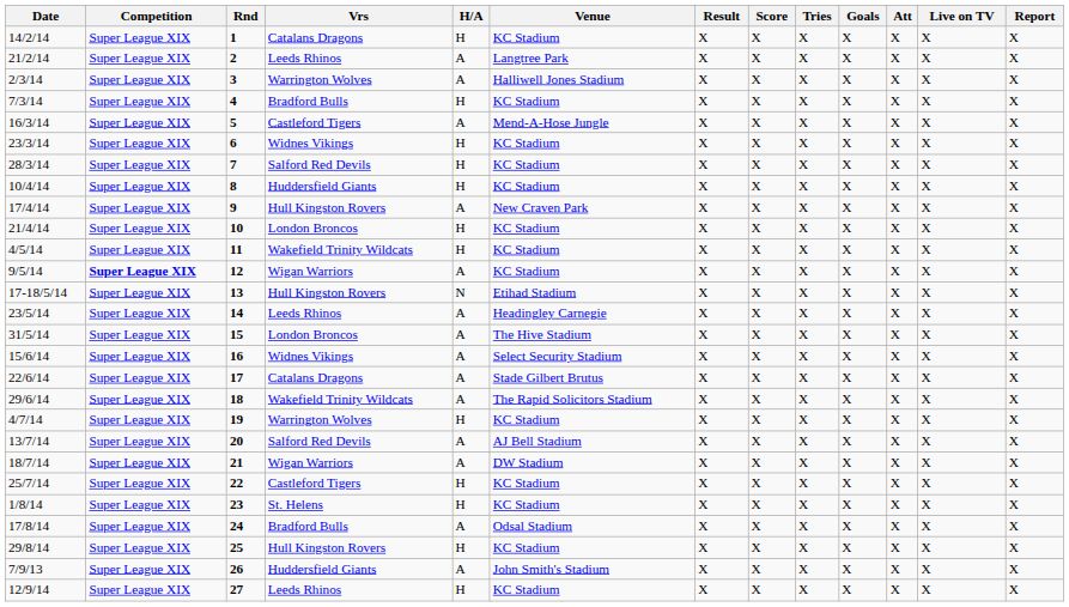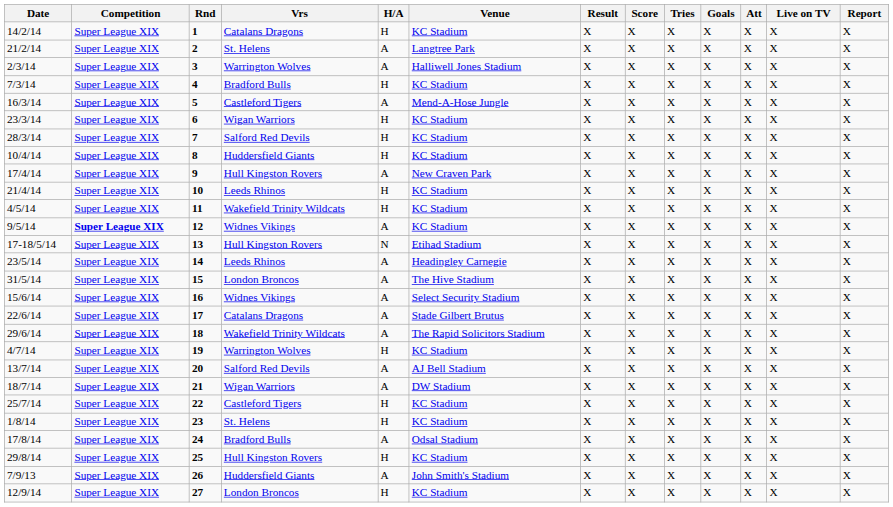 <table class="wikitable" style="font-size:100%;" width="100%">
 <tr>
 <th>Date</th>
 <th>Competition</th>
 <th>Rnd</th>
 <th>Vrs</th>
 <th>H/A</th>
 <th>Venue</th>
 <th>Result</th>
 <th>Score</th>
 <th>Tries</th>
 <th>Goals</th>
 <th>Att</th>
 <th>Live on TV</th>
 <th>Report</th>
 </tr>
 <tr style="background: width=20 | ">
 <td>14/2/14</td>
 <td><a href='#'>Super League XIX</a></td>
 <td><strong>1</strong></td>
 <td> <a href='#'>Catalans Dragons</a></td>
 <td>H</td>
 <td><a href='#'>KC Stadium</a></td>
 <td>X</td>
 <td>X</td>
 <td>X</td>
 <td>X</td>
 <td>X</td>
 <td>X</td>
 <td>X</td>
 </tr>
 <tr style="background: width=20 | ">
 <td>21/2/14</td>
 <td><a href='#'>Super League XIX</a></td>
 <td><strong>2</strong></td>
-<td> <a href='#'>Leeds Rhinos</a></td>
+<td> <a href='#'>St. Helens</a></td>
 <td>A</td>
 <td><a href='#'>Langtree Park</a></td>
 <td>X</td>
 <td>X</td>
 <td>X</td>
 <td>X</td>
 <td>X</td>
 <td>X</td>
 <td>X</td>
 </tr>
 <tr style="background: width=20 | ">
 <td>2/3/14</td>
 <td><a href='#'>Super League XIX</a></td>
 <td><strong>3</strong></td>
 <td> <a href='#'>Warrington Wolves</a></td>
 <td>A</td>
 <td><a href='#'>Halliwell Jones Stadium</a></td>
 <td>X</td>
 <td>X</td>
 <td>X</td>
 <td>X</td>
 <td>X</td>
 <td>X</td>
 <td>X</td>
 </tr>
 <tr style="background: width=20 | ">
 <td>7/3/14</td>
 <td><a href='#'>Super League XIX</a></td>
 <td><strong>4</strong></td>
 <td> <a href='#'>Bradford Bulls</a></td>
 <td>H</td>
 <td><a href='#'>KC Stadium</a></td>
 <td>X</td>
 <td>X</td>
 <td>X</td>
 <td>X</td>
 <td>X</td>
 <td>X</td>
 <td>X</td>
 </tr>
 <tr style="background: width=20 | ">
 <td>16/3/14</td>
 <td><a href='#'>Super League XIX</a></td>
 <td><strong>5</strong></td>
 <td> <a href='#'>Castleford Tigers</a></td>
 <td>A</td>
 <td><a href='#'>Mend-A-Hose Jungle</a></td>
 <td>X</td>
 <td>X</td>
 <td>X</td>
 <td>X</td>
 <td>X</td>
 <td>X</td>
 <td>X</td>
 </tr>
 <tr style="background: width=20 | ">
 <td>23/3/14</td>
 <td><a href='#'>Super League XIX</a></td>
 <td><strong>6</strong></td>
-<td> <a href='#'>Widnes Vikings</a></td>
+<td> <a href='#'>Wigan Warriors</a></td>
 <td>H</td>
 <td><a href='#'>KC Stadium</a></td>
 <td>X</td>
 <td>X</td>
 <td>X</td>
 <td>X</td>
 <td>X</td>
 <td>X</td>
 <td>X</td>
 </tr>
 <tr style="background: width=20 | ">
 <td>28/3/14</td>
 <td><a href='#'>Super League XIX</a></td>
 <td><strong>7</strong></td>
 <td> <a href='#'>Salford Red Devils</a></td>
 <td>H</td>
 <td><a href='#'>KC Stadium</a></td>
 <td>X</td>
 <td>X</td>
 <td>X</td>
 <td>X</td>
 <td>X</td>
 <td>X</td>
 <td>X</td>
 </tr>
 <tr style="background: width=20 | ">
 <td>10/4/14</td>
 <td><a href='#'>Super League XIX</a></td>
 <td><strong>8</strong></td>
 <td> <a href='#'>Huddersfield Giants</a></td>
 <td>H</td>
 <td><a href='#'>KC Stadium</a></td>
 <td>X</td>
 <td>X</td>
 <td>X</td>
 <td>X</td>
 <td>X</td>
 <td>X</td>
 <td>X</td>
 </tr>
 <tr style="background: width=20 | ">
 <td>17/4/14</td>
 <td><a href='#'>Super League XIX</a></td>
 <td><strong>9</strong></td>
 <td> <a href='#'>Hull Kingston Rovers</a></td>
 <td>A</td>
 <td><a href='#'>New Craven Park</a></td>
 <td>X</td>
 <td>X</td>
 <td>X</td>
 <td>X</td>
 <td>X</td>
 <td>X</td>
 <td>X</td>
 </tr>
 <tr style="background: width=20 | ">
 <td>21/4/14</td>
 <td><a href='#'>Super League XIX</a></td>
 <td><strong>10</strong></td>
-<td> <a href='#'>London Broncos</a></td>
+<td> <a href='#'>Leeds Rhinos</a></td>
 <td>H</td>
 <td><a href='#'>KC Stadium</a></td>
 <td>X</td>
 <td>X</td>
 <td>X</td>
 <td>X</td>
 <td>X</td>
 <td>X</td>
 <td>X</td>
 </tr>
 <tr style="background: width=20 | ">
 <td>4/5/14</td>
 <td><a href='#'>Super League XIX</a></td>
 <td><strong>11</strong></td>
 <td> <a href='#'>Wakefield Trinity Wildcats</a></td>
 <td>H</td>
 <td><a href='#'>KC Stadium</a></td>
 <td>X</td>
 <td>X</td>
 <td>X</td>
 <td>X</td>
 <td>X</td>
 <td>X</td>
 <td>X</td>
 </tr>
 <tr style="background: width=20 | ">
 <td>9/5/14</td>
 <td><strong><a href='#'>Super League XIX</a></strong></td>
 <td><strong>12</strong></td>
-<td> <a href='#'>Wigan Warriors</a></td>
+<td> <a href='#'>Widnes Vikings</a></td>
 <td>A</td>
 <td><a href='#'>KC Stadium</a></td>
 <td>X</td>
 <td>X</td>
 <td>X</td>
 <td>X</td>
 <td>X</td>
 <td>X</td>
 <td>X</td>
 </tr>
 <tr style="background: width=20 | ">
 <td>17-18/5/14</td>
 <td><a href='#'>Super League XIX</a></td>
 <td><strong>13</strong></td>
 <td> <a href='#'>Hull Kingston Rovers</a></td>
 <td>N</td>
 <td><a href='#'>Etihad Stadium</a></td>
 <td>X</td>
 <td>X</td>
 <td>X</td>
 <td>X</td>
 <td>X</td>
 <td>X</td>
 <td>X</td>
 </tr>
 <tr style="background: width=20 | ">
 <td>23/5/14</td>
 <td><a href='#'>Super League XIX</a></td>
 <td><strong>14</strong></td>
 <td> <a href='#'>Leeds Rhinos</a></td>
 <td>A</td>
 <td><a href='#'>Headingley Carnegie</a></td>
 <td>X</td>
 <td>X</td>
 <td>X</td>
 <td>X</td>
 <td>X</td>
 <td>X</td>
 <td>X</td>
 </tr>
 <tr style="background: width=20 | ">
 <td>31/5/14</td>
 <td><a href='#'>Super League XIX</a></td>
 <td><strong>15</strong></td>
 <td> <a href='#'>London Broncos</a></td>
 <td>A</td>
 <td><a href='#'>The Hive Stadium</a></td>
 <td>X</td>
 <td>X</td>
 <td>X</td>
 <td>X</td>
 <td>X</td>
 <td>X</td>
 <td>X</td>
 </tr>
 <tr style="background: width=20 | ">
 <td>15/6/14</td>
 <td><a href='#'>Super League XIX</a></td>
 <td><strong>16</strong></td>
 <td> <a href='#'>Widnes Vikings</a></td>
 <td>A</td>
 <td><a href='#'>Select Security Stadium</a></td>
 <td>X</td>
 <td>X</td>
 <td>X</td>
 <td>X</td>
 <td>X</td>
 <td>X</td>
 <td>X</td>
 </tr>
 <tr style="background: width=20 | ">
 <td>22/6/14</td>
 <td><a href='#'>Super League XIX</a></td>
 <td><strong>17</strong></td>
 <td> <a href='#'>Catalans Dragons</a></td>
 <td>A</td>
 <td><a href='#'>Stade Gilbert Brutus</a></td>
 <td>X</td>
 <td>X</td>
 <td>X</td>
 <td>X</td>
 <td>X</td>
 <td>X</td>
 <td>X</td>
 </tr>
 <tr style="background: width=20 | ">
 <td>29/6/14</td>
 <td><a href='#'>Super League XIX</a></td>
 <td><strong>18</strong></td>
 <td> <a href='#'>Wakefield Trinity Wildcats</a></td>
 <td>A</td>
 <td><a href='#'>The Rapid Solicitors Stadium</a></td>
 <td>X</td>
 <td>X</td>
 <td>X</td>
 <td>X</td>
 <td>X</td>
 <td>X</td>
 <td>X</td>
 </tr>
 <tr style="background: width=20 | ">
 <td>4/7/14</td>
 <td><a href='#'>Super League XIX</a></td>
 <td><strong>19</strong></td>
 <td> <a href='#'>Warrington Wolves</a></td>
 <td>H</td>
 <td><a href='#'>KC Stadium</a></td>
 <td>X</td>
 <td>X</td>
 <td>X</td>
 <td>X</td>
 <td>X</td>
 <td>X</td>
 <td>X</td>
 </tr>
 <tr style="background: width=20 | ">
 <td>13/7/14</td>
 <td><a href='#'>Super League XIX</a></td>
 <td><strong>20</strong></td>
 <td> <a href='#'>Salford Red Devils</a></td>
 <td>A</td>
 <td><a href='#'>AJ Bell Stadium</a></td>
 <td>X</td>
 <td>X</td>
 <td>X</td>
 <td>X</td>
 <td>X</td>
 <td>X</td>
 <td>X</td>
 </tr>
 <tr style="background: width=20 | ">
 <td>18/7/14</td>
 <td><a href='#'>Super League XIX</a></td>
 <td><strong>21</strong></td>
 <td> <a href='#'>Wigan Warriors</a></td>
 <td>A</td>
 <td><a href='#'>DW Stadium</a></td>
 <td>X</td>
 <td>X</td>
 <td>X</td>
 <td>X</td>
 <td>X</td>
 <td>X</td>
 <td>X</td>
 </tr>
 <tr style="background: width=20 | ">
 <td>25/7/14</td>
 <td><a href='#'>Super League XIX</a></td>
 <td><strong>22</strong></td>
 <td> <a href='#'>Castleford Tigers</a></td>
 <td>H</td>
 <td><a href='#'>KC Stadium</a></td>
 <td>X</td>
 <td>X</td>
 <td>X</td>
 <td>X</td>
 <td>X</td>
 <td>X</td>
 <td>X</td>
 </tr>
 <tr style="background: width=20 | ">
 <td>1/8/14</td>
 <td><a href='#'>Super League XIX</a></td>
 <td><strong>23</strong></td>
 <td> <a href='#'>St. Helens</a></td>
 <td>H</td>
 <td><a href='#'>KC Stadium</a></td>
 <td>X</td>
 <td>X</td>
 <td>X</td>
 <td>X</td>
 <td>X</td>
 <td>X</td>
 <td>X</td>
 </tr>
 <tr style="background: width=20 | ">
 <td>17/8/14</td>
 <td><a href='#'>Super League XIX</a></td>
 <td><strong>24</strong></td>
 <td> <a href='#'>Bradford Bulls</a></td>
 <td>A</td>
 <td><a href='#'>Odsal Stadium</a></td>
 <td>X</td>
 <td>X</td>
 <td>X</td>
 <td>X</td>
 <td>X</td>
 <td>X</td>
 <td>X</td>
 </tr>
 <tr style="background: width=20 | ">
 <td>29/8/14</td>
 <td><a href='#'>Super League XIX</a></td>
 <td><strong>25</strong></td>
 <td> <a href='#'>Hull Kingston Rovers</a></td>
 <td>H</td>
 <td><a href='#'>KC Stadium</a></td>
 <td>X</td>
 <td>X</td>
 <td>X</td>
 <td>X</td>
 <td>X</td>
 <td>X</td>
 <td>X</td>
 </tr>
 <tr style="background: width=20 | ">
 <td>7/9/13</td>
 <td><a href='#'>Super League XIX</a></td>
 <td><strong>26</strong></td>
 <td> <a href='#'>Huddersfield Giants</a></td>
 <td>A</td>
 <td><a href='#'>John Smith's Stadium</a></td>
 <td>X</td>
 <td>X</td>
 <td>X</td>
 <td>X</td>
 <td>X</td>
 <td>X</td>
 <td>X</td>
 </tr>
 <tr style="background: width=20 | ">
 <td>12/9/14</td>
 <td><a href='#'>Super League XIX</a></td>
 <td><strong>27</strong></td>
-<td> <a href='#'>Leeds Rhinos</a></td>
+<td> <a href='#'>London Broncos</a></td>
 <td>H</td>
 <td><a href='#'>KC Stadium</a></td>
 <td>X</td>
 <td>X</td>
 <td>X</td>
 <td>X</td>
 <td>X</td>
 <td>X</td>
 <td>X</td>
 </tr>
 </table>
